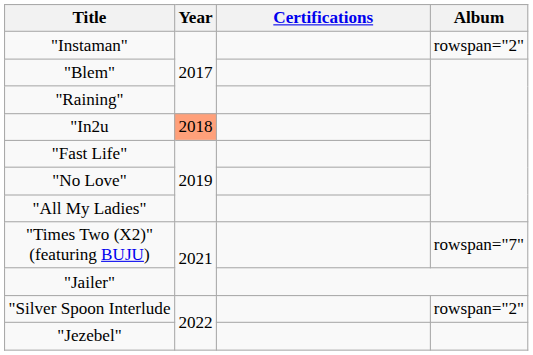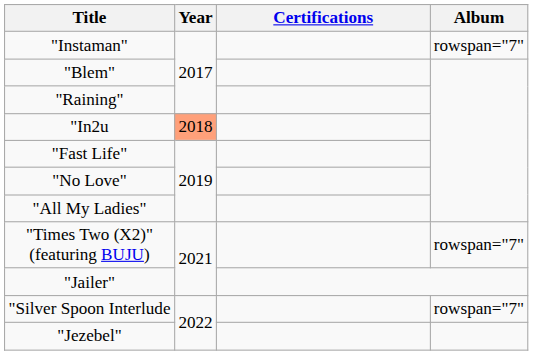 <table class="wikitable plainrowheaders" style="text-align:center;">
 <tr>
 <th scope="col">Title</th>
 <th scope="col">Year</th>
 <th scope="col" style="width:12em;"><a href='#'>Certifications</a></th>
 <th scope="col">Album</th>
 </tr>
 <tr>
 <td>"Instaman"</td>
 <td rowspan="3">2017</td>
 <td></td>
-<td>rowspan="2" </td>
+<td>rowspan="7" </td>
 </tr>
 <tr>
 <td>"Blem"</td>
 <td></td>
 </tr>
 <tr>
 <td>"Raining"</td>
 <td></td>
 </tr>
 <tr>
 <td>"In2u</td>
 <td style="background: lightsalmon;">2018</td>
 <td></td>
 </tr>
 <tr>
 <td>"Fast Life"</td>
 <td rowspan="3">2019</td>
 <td></td>
 </tr>
 <tr>
 <td>"No Love"</td>
 <td></td>
 </tr>
 <tr>
 <td>"All My Ladies"</td>
 <td></td>
 </tr>
 <tr>
 <td>"Times Two (X2)"<br>(featuring <a href='#'>BUJU</a>)</td>
 <td rowspan="2">2021</td>
 <td></td>
 <td>rowspan="7" </td>
 </tr>
 <tr>
 <td>"Jailer"</td>
 </tr>
 <tr>
 <td>"Silver Spoon Interlude</td>
 <td rowspan="2">2022</td>
 <td></td>
-<td>rowspan="2" </td>
+<td>rowspan="7" </td>
 </tr>
 <tr>
 <td>"Jezebel"</td>
 <td></td>
 </tr>
 </table>
